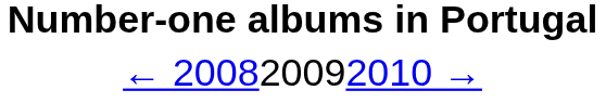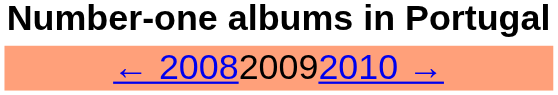 <table class="toc" id="toc" summary="Contents">
 <tr>
 <th>Number-one albums in Portugal</th>
 </tr>
 <tr>
-<td align="center"><a href='#'>← 2008</a>2009<a href='#'>2010 →</a></td>
+<td align="center" style="background: lightsalmon;"><a href='#'>← 2008</a>2009<a href='#'>2010 →</a></td>
 </tr>
 </table>
